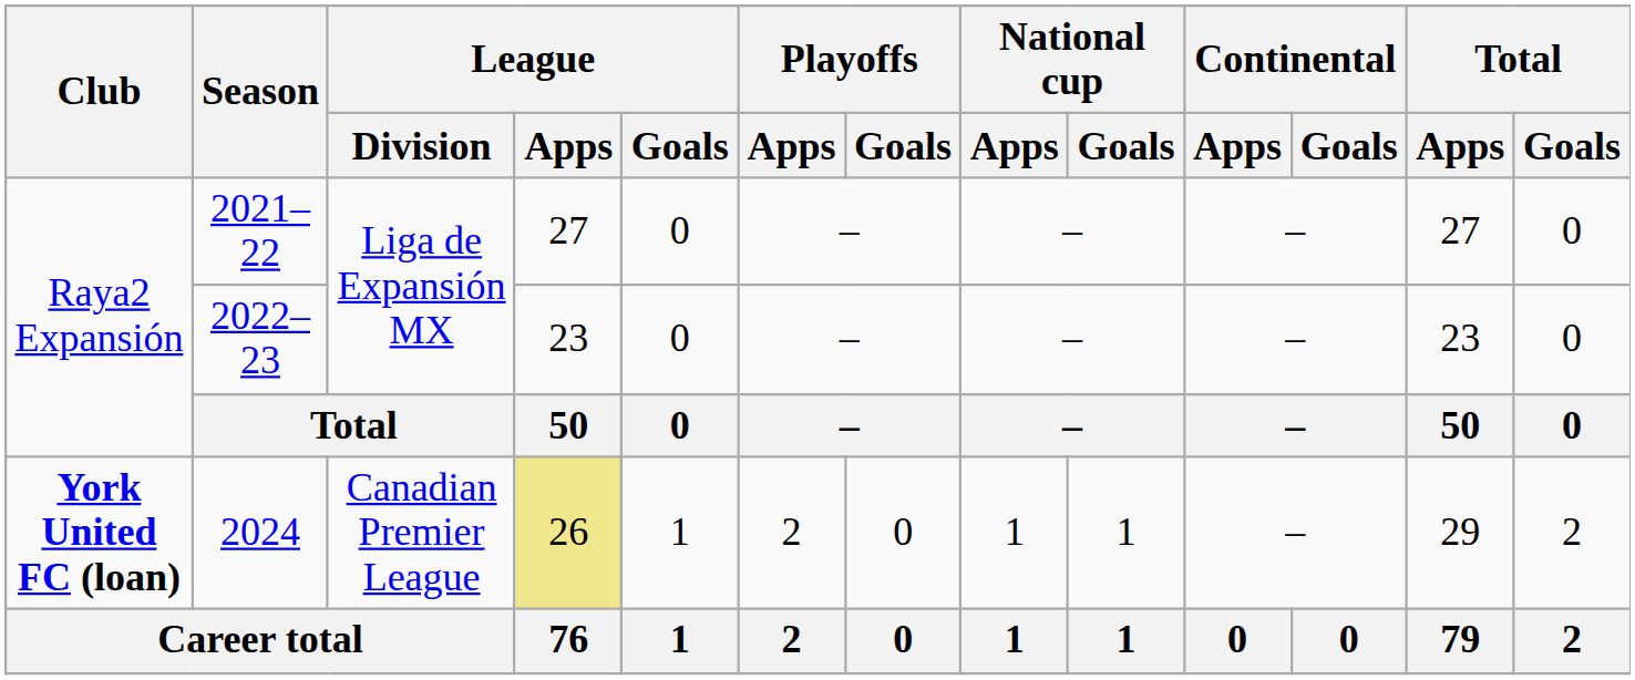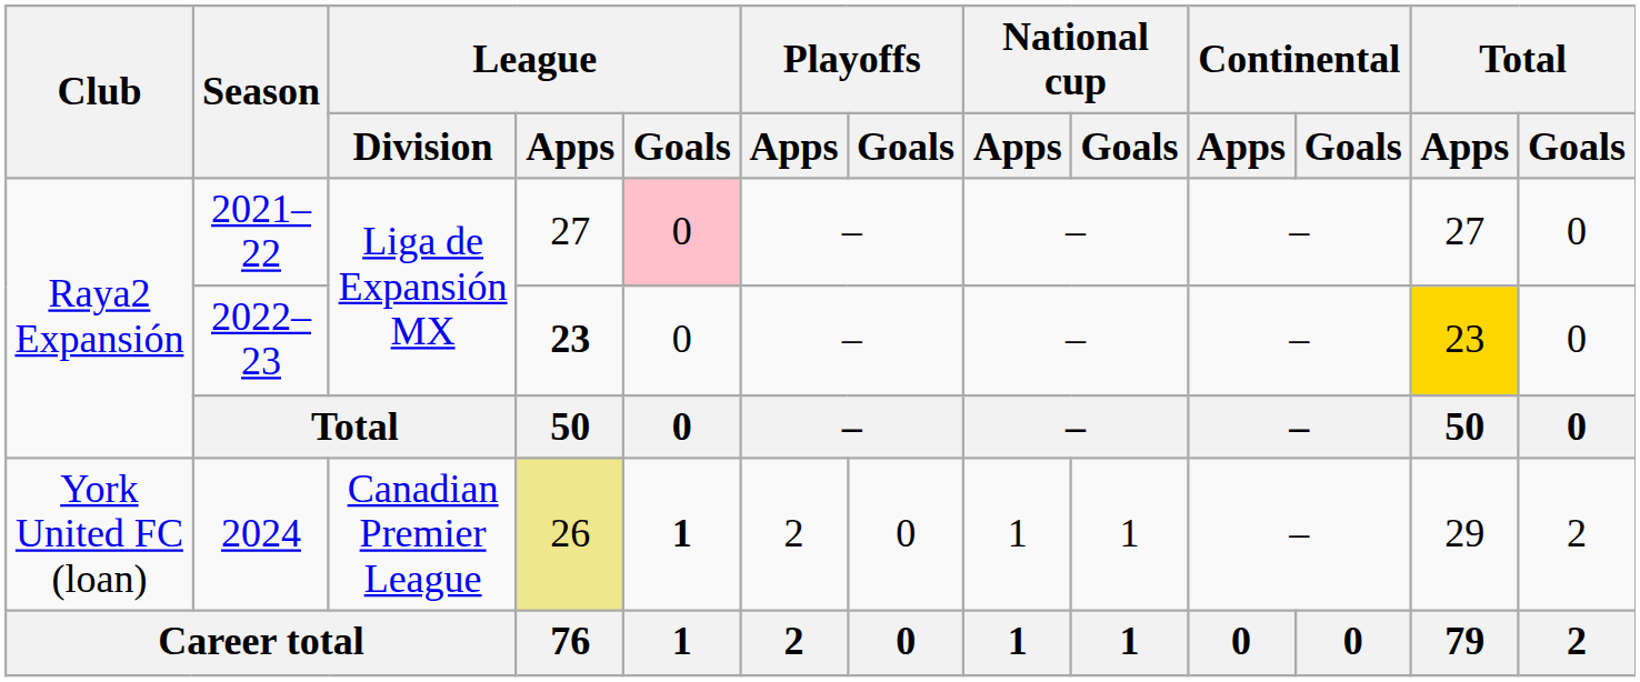 <table class="wikitable" style="text-align: center">
 <tr>
 <th rowspan="2">Club</th>
 <th rowspan="2">Season</th>
 <th colspan="3">League</th>
 <th colspan="2">Playoffs</th>
 <th colspan="2">National cup</th>
 <th colspan="2">Continental</th>
 <th colspan="2">Total</th>
 </tr>
 <tr>
 <th>Division</th>
 <th>Apps</th>
 <th>Goals</th>
 <th>Apps</th>
 <th>Goals</th>
 <th>Apps</th>
 <th>Goals</th>
 <th>Apps</th>
 <th>Goals</th>
 <th>Apps</th>
 <th>Goals</th>
 </tr>
 <tr>
 <td rowspan="3"><a href='#'>Raya2 Expansión</a></td>
 <td><a href='#'>2021–22</a></td>
 <td rowspan="2"><a href='#'>Liga de Expansión MX</a></td>
 <td>27</td>
-<td>0</td>
+<td style="background: pink;">0</td>
 <td colspan="2">–</td>
 <td colspan="2">–</td>
 <td colspan="2">–</td>
 <td>27</td>
 <td>0</td>
 </tr>
 <tr>
 <td><a href='#'>2022–23</a></td>
-<td>23</td>
+<td><strong>23</strong></td>
 <td>0</td>
 <td colspan="2">–</td>
 <td colspan="2">–</td>
 <td colspan="2">–</td>
-<td>23</td>
+<td style="background: gold;">23</td>
 <td>0</td>
 </tr>
 <tr>
 <th colspan="2">Total</th>
 <th>50</th>
 <th>0</th>
 <th colspan=2>–</th>
 <th colspan=2>–</th>
 <th colspan=2>–</th>
 <th>50</th>
 <th>0</th>
 </tr>
 <tr>
-<td><strong><a href='#'>York United FC</a> (loan)</strong></td>
+<td><a href='#'>York United FC</a> (loan)</td>
 <td><a href='#'>2024</a></td>
 <td><a href='#'>Canadian Premier League</a></td>
 <td style="background: khaki;">26</td>
-<td>1</td>
+<td><strong>1</strong></td>
 <td>2</td>
 <td>0</td>
 <td>1</td>
 <td>1</td>
 <td colspan="2">–</td>
 <td>29</td>
 <td>2</td>
 </tr>
 <tr>
 <th colspan=3>Career total</th>
 <th>76</th>
 <th>1</th>
 <th>2</th>
 <th>0</th>
 <th>1</th>
 <th>1</th>
 <th>0</th>
 <th>0</th>
 <th>79</th>
 <th>2</th>
 </tr>
 </table>
